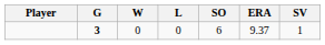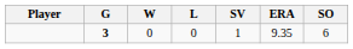 <table class="wikitable sortable">
 <tr>
 <th bgcolor="#DDDDFF" width="16%">Player</th>
 <th bgcolor="#DDDDFF" width="9%">G</th>
 <th bgcolor="#DDDDFF" width="9%">W</th>
 <th bgcolor="#DDDDFF" width="9%">L</th>
+<th bgcolor="#DDDDFF" width="9%">SV</th>
+<th bgcolor="#DDDDFF" width="9%">ERA</th>
 <th bgcolor="#DDDDFF" width="9%">SO</th>
-<th bgcolor="#DDDDFF" width="9%">ERA</th>
-<th bgcolor="#DDDDFF" width="9%">SV</th>
 </tr>
 <tr align="center">
 <td></td>
 <td><strong>3</strong></td>
 <td>0</td>
 <td>0</td>
+<td>1</td>
+<td>9.35</td>
 <td>6</td>
-<td>9.37</td>
-<td>1</td>
 </tr>
 </table>
